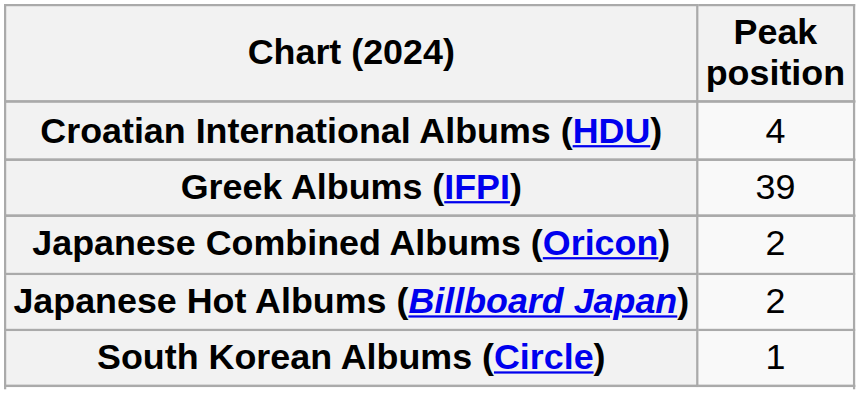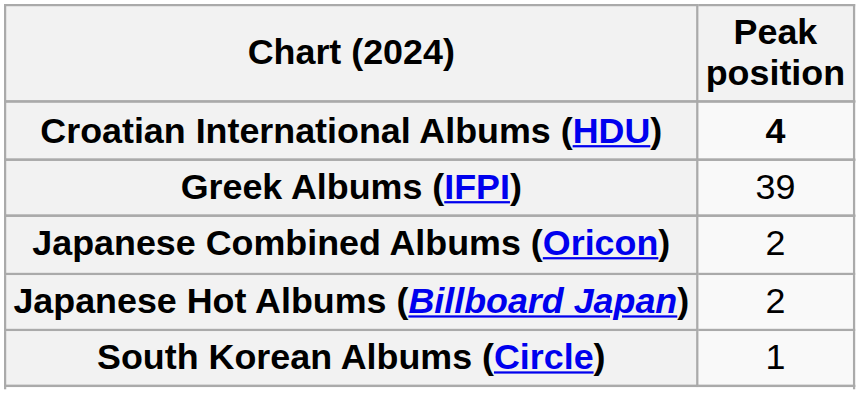 <table class="wikitable plainrowheaders sortable" style="text-align:center">
 <tr>
 <th scope="col">Chart (2024)</th>
 <th scope="col">Peak<br>position</th>
 </tr>
 <tr>
 </tr>
 <tr>
 </tr>
 <tr>
 </tr>
 <tr>
 <th scope="row">Croatian International Albums (<a href='#'>HDU</a>)</th>
-<td>4</td>
+<td><strong>4</strong></td>
 </tr>
 <tr>
 </tr>
 <tr>
 <th scope="row">Greek Albums (<a href='#'>IFPI</a>)</th>
 <td>39</td>
 </tr>
 <tr>
 </tr>
 <tr>
 <th scope="row">Japanese Combined Albums (<a href='#'>Oricon</a>)</th>
 <td>2</td>
 </tr>
 <tr>
 <th scope="row">Japanese Hot Albums (<em><a href='#'>Billboard Japan</a></em>)</th>
 <td>2</td>
 </tr>
 <tr>
 <th scope="row">South Korean Albums (<a href='#'>Circle</a>)</th>
 <td>1</td>
 </tr>
 <tr>
 </tr>
 <tr>
 </tr>
 <tr>
 </tr>
 <tr>
 </tr>
 </table>
